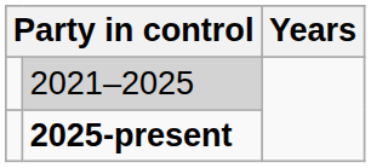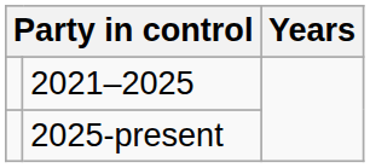 <table class="wikitable">
 <tr>
 <th colspan="2">Party in control</th>
 <th>Years</th>
 </tr>
 <tr>
 <td></td>
-<td style="background: lightgrey;">2021–2025</td>
+<td>2021–2025</td>
 </tr>
 <tr>
 <td></td>
-<td><strong>2025-present</strong></td>
+<td>2025-present</td>
 </tr>
 </table>
